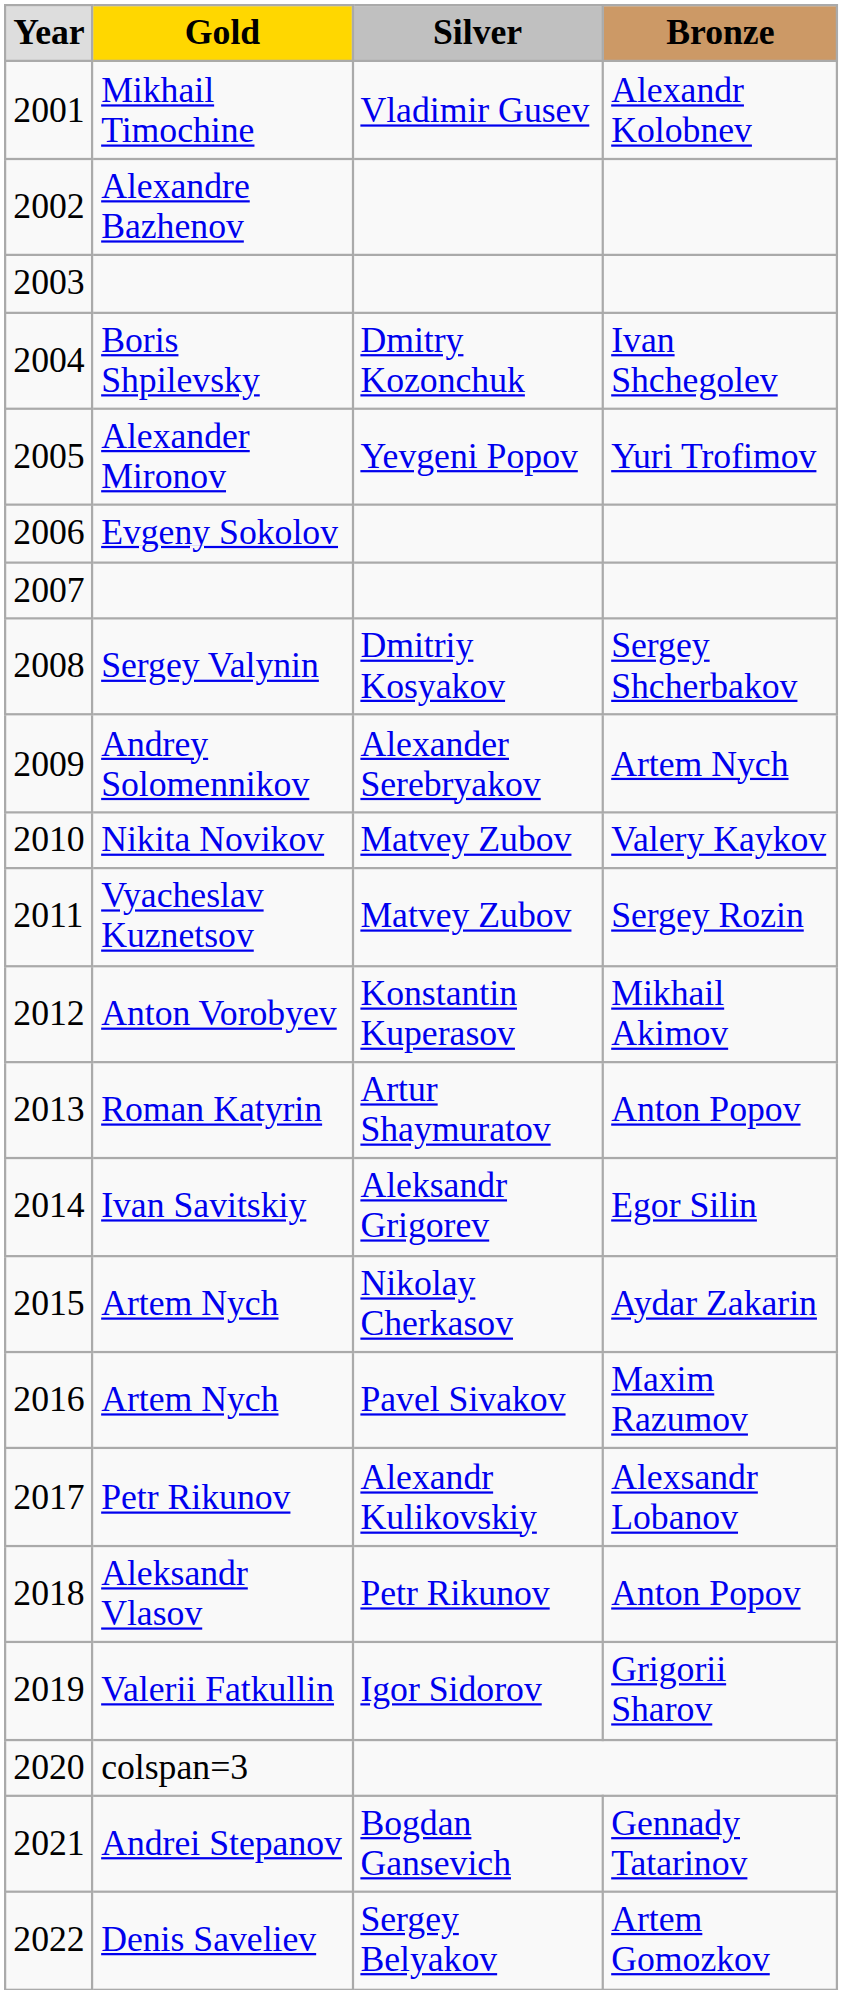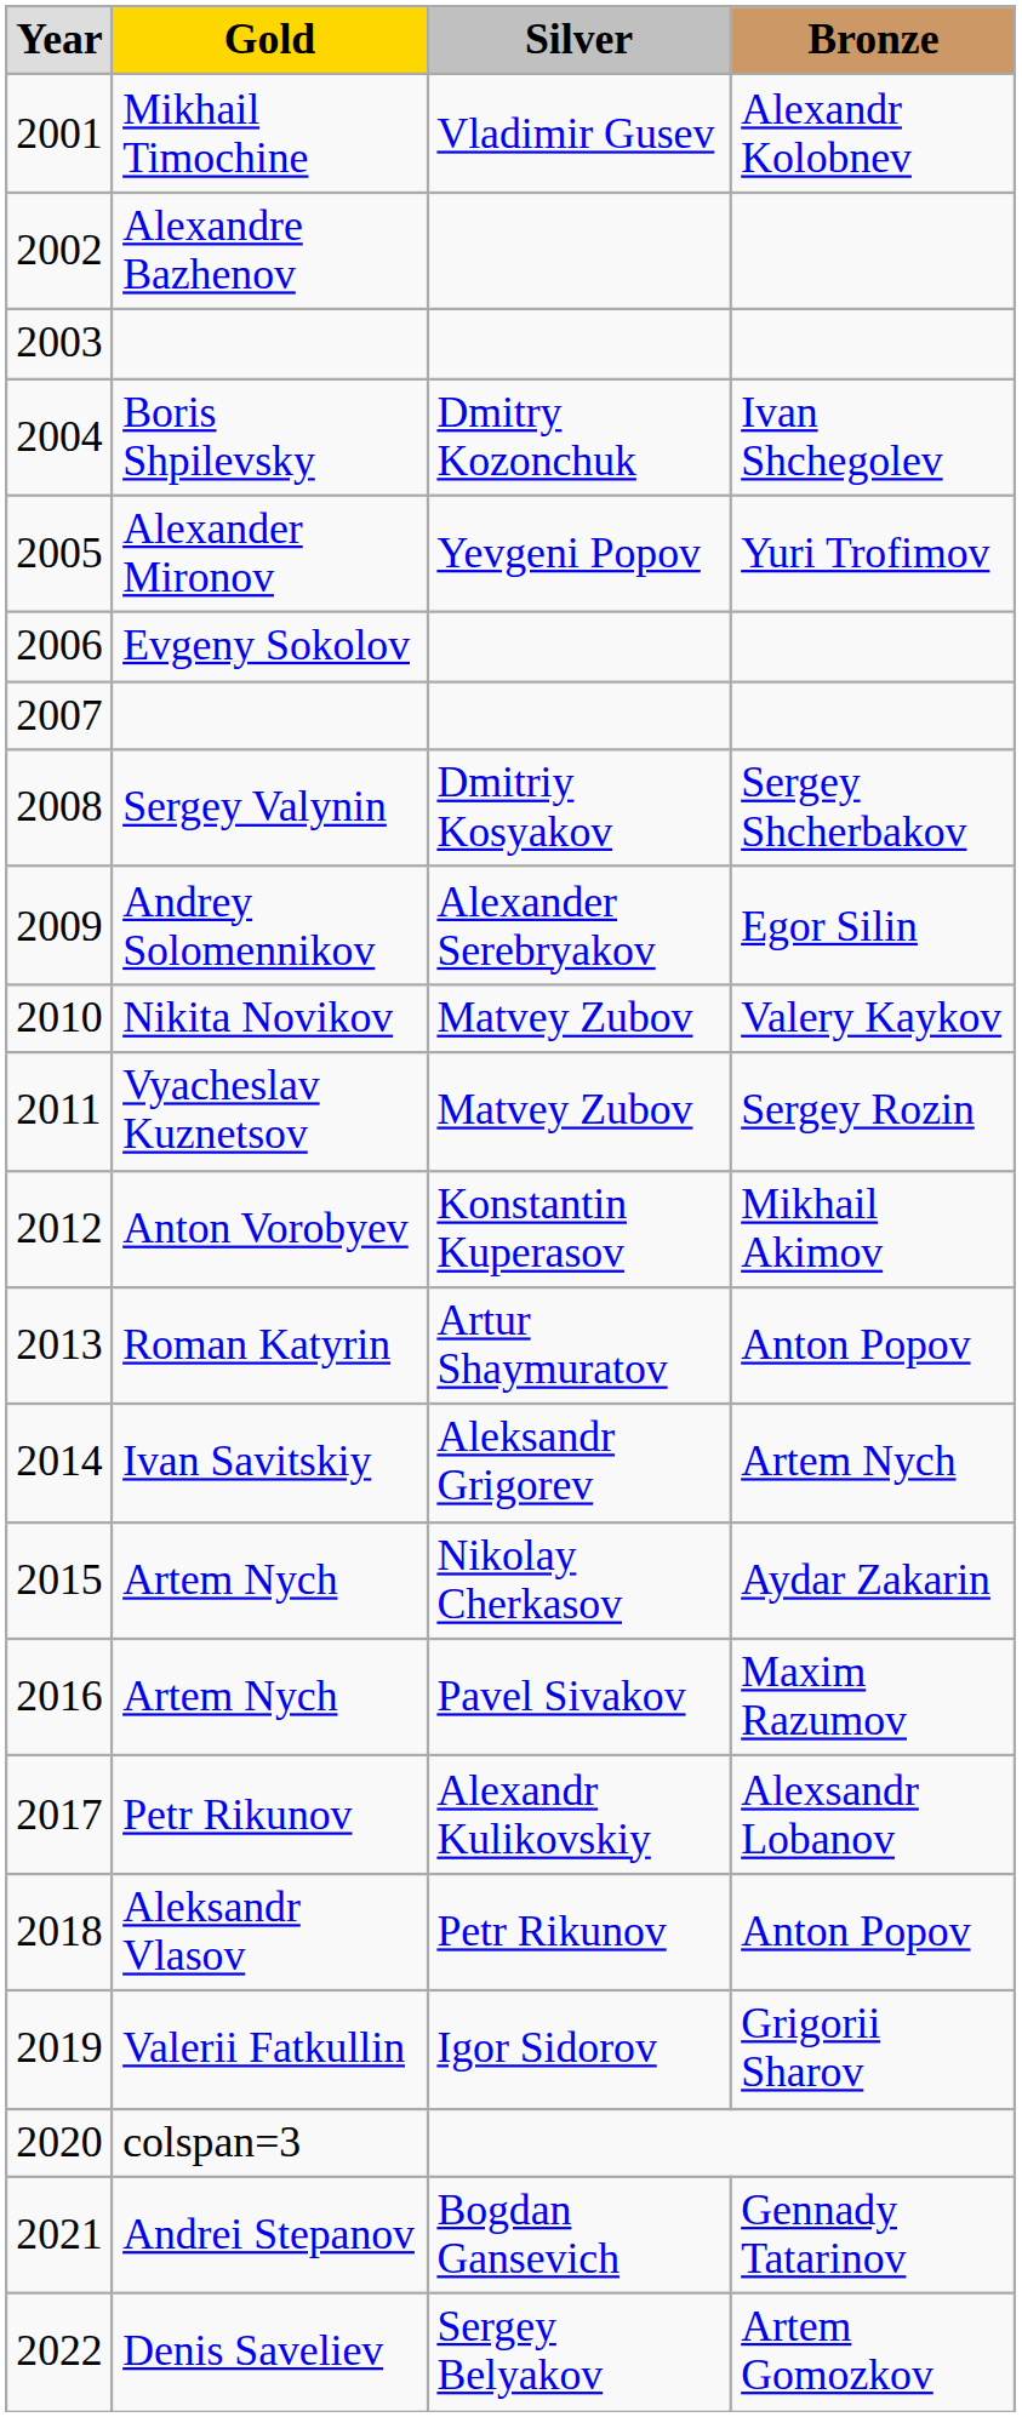 <table class="wikitable" style="width: 60%; text-align:left;">
 <tr>
 <td style="background:#DDDDDD; font-weight:bold; text-align:center;">Year</td>
 <td style="background:gold; font-weight:bold; text-align:center;">Gold</td>
 <td style="background:silver; font-weight:bold; text-align:center;">Silver</td>
 <td style="background:#cc9966; font-weight:bold; text-align:center;">Bronze</td>
 </tr>
 <tr>
 <td>2001</td>
 <td><a href='#'>Mikhail Timochine</a></td>
 <td><a href='#'>Vladimir Gusev</a></td>
 <td><a href='#'>Alexandr Kolobnev</a></td>
 </tr>
 <tr>
 <td>2002</td>
 <td><a href='#'>Alexandre Bazhenov</a></td>
 <td></td>
 <td></td>
 </tr>
 <tr>
 <td>2003</td>
 <td></td>
 <td></td>
 <td></td>
 </tr>
 <tr>
 <td>2004</td>
 <td><a href='#'>Boris Shpilevsky</a></td>
 <td><a href='#'>Dmitry Kozonchuk</a></td>
 <td><a href='#'>Ivan Shchegolev</a></td>
 </tr>
 <tr>
 <td>2005</td>
 <td><a href='#'>Alexander Mironov</a></td>
 <td><a href='#'>Yevgeni Popov</a></td>
 <td><a href='#'>Yuri Trofimov</a></td>
 </tr>
 <tr>
 <td>2006</td>
 <td><a href='#'>Evgeny Sokolov</a></td>
 <td></td>
 <td></td>
 </tr>
 <tr>
 <td>2007</td>
 <td></td>
 <td></td>
 <td></td>
 </tr>
 <tr>
 <td>2008</td>
 <td><a href='#'>Sergey Valynin</a></td>
 <td><a href='#'>Dmitriy Kosyakov</a></td>
 <td><a href='#'>Sergey Shcherbakov</a></td>
 </tr>
 <tr>
 <td>2009</td>
 <td><a href='#'>Andrey Solomennikov</a></td>
 <td><a href='#'>Alexander Serebryakov</a></td>
-<td><a href='#'>Artem Nych</a></td>
+<td><a href='#'>Egor Silin</a></td>
 </tr>
 <tr>
 <td>2010</td>
 <td><a href='#'>Nikita Novikov</a></td>
 <td><a href='#'>Matvey Zubov</a></td>
 <td><a href='#'>Valery Kaykov</a></td>
 </tr>
 <tr>
 <td>2011</td>
 <td><a href='#'>Vyacheslav Kuznetsov</a></td>
 <td><a href='#'>Matvey Zubov</a></td>
 <td><a href='#'>Sergey Rozin</a></td>
 </tr>
 <tr>
 <td>2012</td>
 <td><a href='#'>Anton Vorobyev</a></td>
 <td><a href='#'>Konstantin Kuperasov</a></td>
 <td><a href='#'>Mikhail Akimov</a></td>
 </tr>
 <tr>
 <td>2013</td>
 <td><a href='#'>Roman Katyrin</a></td>
 <td><a href='#'>Artur Shaymuratov</a></td>
 <td><a href='#'>Anton Popov</a></td>
 </tr>
 <tr>
 <td>2014</td>
 <td><a href='#'>Ivan Savitskiy</a></td>
 <td><a href='#'>Aleksandr Grigorev</a></td>
-<td><a href='#'>Egor Silin</a></td>
+<td><a href='#'>Artem Nych</a></td>
 </tr>
 <tr>
 <td>2015</td>
 <td><a href='#'>Artem Nych</a></td>
 <td><a href='#'>Nikolay Cherkasov</a></td>
 <td><a href='#'>Aydar Zakarin</a></td>
 </tr>
 <tr>
 <td>2016</td>
 <td><a href='#'>Artem Nych</a></td>
 <td><a href='#'>Pavel Sivakov</a></td>
 <td><a href='#'>Maxim Razumov</a></td>
 </tr>
 <tr>
 <td>2017</td>
 <td><a href='#'>Petr Rikunov</a></td>
 <td><a href='#'>Alexandr Kulikovskiy</a></td>
 <td><a href='#'>Alexsandr Lobanov</a></td>
 </tr>
 <tr>
 <td>2018</td>
 <td><a href='#'>Aleksandr Vlasov</a></td>
 <td><a href='#'>Petr Rikunov</a></td>
 <td><a href='#'>Anton Popov</a></td>
 </tr>
 <tr>
 <td>2019</td>
 <td><a href='#'>Valerii Fatkullin</a></td>
 <td><a href='#'>Igor Sidorov</a></td>
 <td><a href='#'>Grigorii Sharov</a></td>
 </tr>
 <tr>
 <td>2020</td>
 <td>colspan=3 </td>
 </tr>
 <tr>
 <td>2021</td>
 <td><a href='#'>Andrei Stepanov</a></td>
 <td><a href='#'>Bogdan Gansevich</a></td>
 <td><a href='#'>Gennady Tatarinov</a></td>
 </tr>
 <tr>
 <td>2022</td>
 <td><a href='#'>Denis Saveliev</a></td>
 <td><a href='#'>Sergey Belyakov</a></td>
 <td><a href='#'>Artem Gomozkov</a></td>
 </tr>
 </table>
